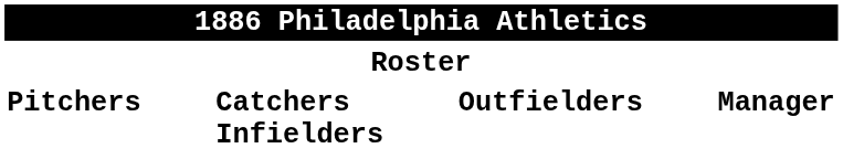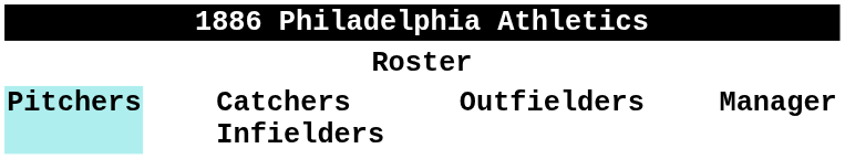 <table class="toccolours" style="font-size: 95%;">
 <tr>
 <th colspan="10" style="background-color: black; color: white; text-align: center;">1886 Philadelphia Athletics</th>
 </tr>
 <tr>
 <td colspan="10" style="background-color: white; color: black; text-align: center;"><strong>Roster</strong></td>
 </tr>
 <tr>
-<td valign="top"><strong>Pitchers</strong><br>          </td>
+<td valign="top" style="background: paleturquoise;"><strong>Pitchers</strong><br>          </td>
 <td width="25px"></td>
 <td valign="top"><strong>Catchers</strong><br>   <strong>Infielders</strong>        </td>
 <td width="25px"></td>
 <td valign="top"><strong>Outfielders</strong><br>     </td>
 <td width="25px"></td>
 <td valign="top"><strong>Manager</strong><br> </td>
 </tr>
 </table>
